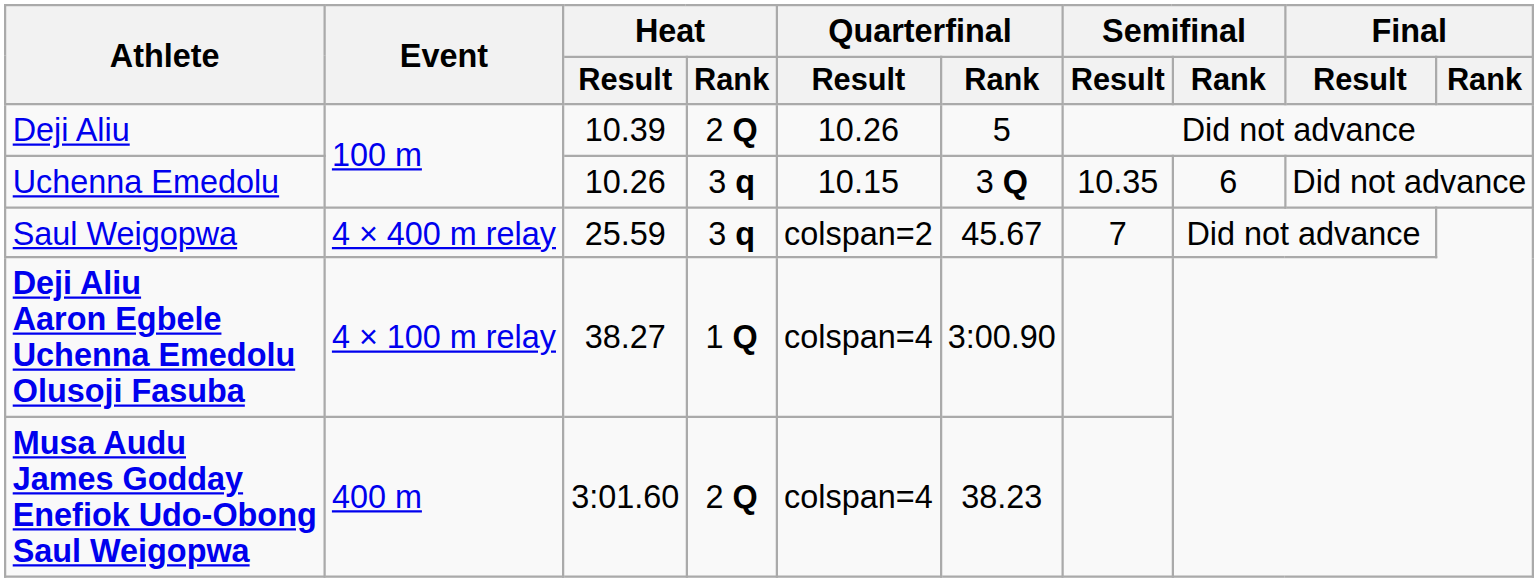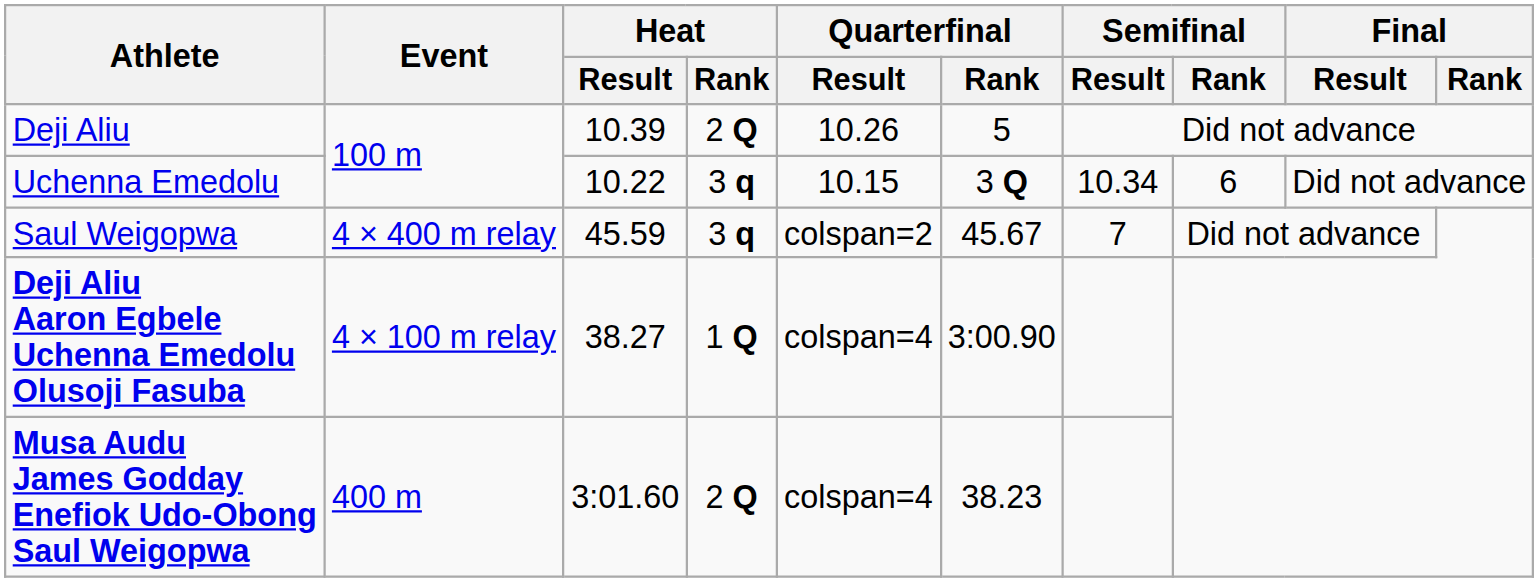 <table class=wikitable style="font-size:90%">
 <tr>
 <th rowspan="2">Athlete</th>
 <th rowspan="2">Event</th>
 <th colspan="2">Heat</th>
 <th colspan="2">Quarterfinal</th>
 <th colspan="2">Semifinal</th>
 <th colspan="2">Final</th>
 </tr>
 <tr style="font-size:95%">
 <th>Result</th>
 <th>Rank</th>
 <th>Result</th>
 <th>Rank</th>
 <th>Result</th>
 <th>Rank</th>
 <th>Result</th>
 <th>Rank</th>
 </tr>
 <tr align=center>
 <td align=left><a href='#'>Deji Aliu</a></td>
 <td align=left rowspan=2><a href='#'>100 m</a></td>
 <td>10.39</td>
 <td>2 <strong>Q</strong></td>
 <td>10.26</td>
 <td>5</td>
 <td colspan=4>Did not advance</td>
 </tr>
 <tr align=center>
 <td align=left><a href='#'>Uchenna Emedolu</a></td>
-<td>10.26</td>
+<td>10.22</td>
 <td>3 <strong>q</strong></td>
 <td>10.15</td>
 <td>3 <strong>Q</strong></td>
-<td>10.35</td>
+<td>10.34</td>
 <td>6</td>
 <td colspan=2>Did not advance</td>
 </tr>
 <tr align=center>
 <td align=left><a href='#'>Saul Weigopwa</a></td>
 <td align=left><a href='#'>4 × 400 m relay</a></td>
-<td>25.59</td>
+<td>45.59</td>
 <td>3 <strong>q</strong></td>
 <td>colspan=2 </td>
 <td>45.67</td>
 <td>7</td>
 <td colspan=2>Did not advance</td>
 </tr>
 <tr align=center>
 <td align=left><strong><a href='#'>Deji Aliu</a><br><a href='#'>Aaron Egbele</a><br><a href='#'>Uchenna Emedolu</a><br><a href='#'>Olusoji Fasuba</a></strong></td>
 <td align=left><a href='#'>4 × 100 m relay</a></td>
 <td>38.27</td>
 <td>1 <strong>Q</strong></td>
 <td>colspan=4 </td>
 <td>3:00.90</td>
 <td></td>
 </tr>
 <tr align=center>
 <td align=left><strong><a href='#'>Musa Audu</a><br><a href='#'>James Godday</a><br><a href='#'>Enefiok Udo-Obong</a><br><a href='#'>Saul Weigopwa</a></strong></td>
 <td align=left><a href='#'>400 m</a></td>
 <td>3:01.60</td>
 <td>2 <strong>Q</strong></td>
 <td>colspan=4 </td>
 <td>38.23</td>
 <td></td>
 </tr>
 </table>
